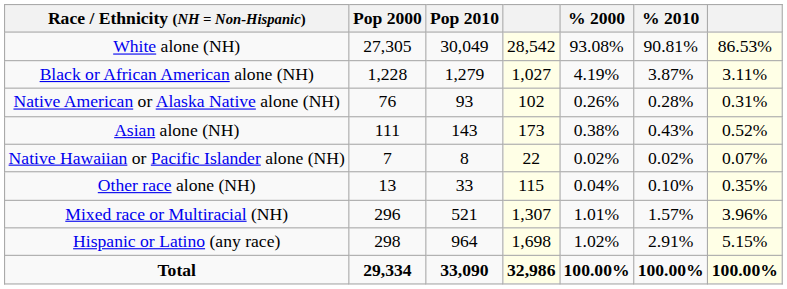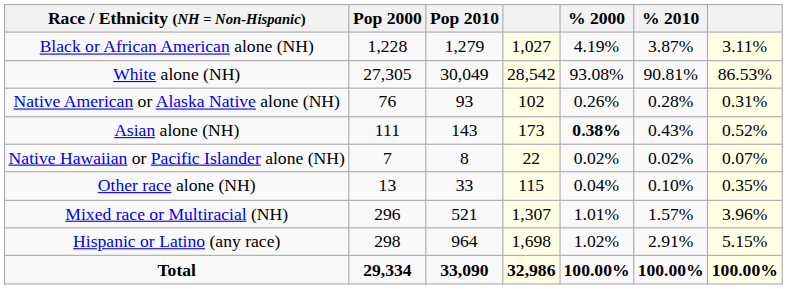 <table class="wikitable" style="text-align:center;">
 <tr>
 <th>Race / Ethnicity <small>(<em>NH = Non-Hispanic</em>)</small></th>
 <th>Pop 2000</th>
 <th>Pop 2010</th>
 <th></th>
 <th>% 2000</th>
 <th>% 2010</th>
 <th></th>
 </tr>
 <tr>
+<td><a href='#'>Black or African American</a> alone (NH)</td>
+<td>1,228</td>
+<td>1,279</td>
+<td style='background: #ffffe6;'>1,027</td>
+<td>4.19%</td>
+<td>3.87%</td>
+<td style='background: #ffffe6;'>3.11%</td>
+</tr>
+<tr>
 <td><a href='#'>White</a> alone (NH)</td>
 <td>27,305</td>
 <td>30,049</td>
 <td style='background: #ffffe6;'>28,542</td>
 <td>93.08%</td>
 <td>90.81%</td>
 <td style='background: #ffffe6;'>86.53%</td>
-</tr>
-<tr>
-<td><a href='#'>Black or African American</a> alone (NH)</td>
-<td>1,228</td>
-<td>1,279</td>
-<td style='background: #ffffe6;'>1,027</td>
-<td>4.19%</td>
-<td>3.87%</td>
-<td style='background: #ffffe6;'>3.11%</td>
 </tr>
 <tr>
 <td><a href='#'>Native American</a> or <a href='#'>Alaska Native</a> alone (NH)</td>
 <td>76</td>
 <td>93</td>
 <td style='background: #ffffe6;'>102</td>
 <td>0.26%</td>
 <td>0.28%</td>
 <td style='background: #ffffe6;'>0.31%</td>
 </tr>
 <tr>
 <td><a href='#'>Asian</a> alone (NH)</td>
 <td>111</td>
 <td>143</td>
 <td style='background: #ffffe6;'>173</td>
-<td>0.38%</td>
+<td><strong>0.38%</strong></td>
 <td>0.43%</td>
 <td style='background: #ffffe6;'>0.52%</td>
 </tr>
 <tr>
 <td><a href='#'>Native Hawaiian</a> or <a href='#'>Pacific Islander</a> alone (NH)</td>
 <td>7</td>
 <td>8</td>
 <td style='background: #ffffe6;'>22</td>
 <td>0.02%</td>
 <td>0.02%</td>
 <td style='background: #ffffe6;'>0.07%</td>
 </tr>
 <tr>
 <td><a href='#'>Other race</a> alone (NH)</td>
 <td>13</td>
 <td>33</td>
 <td style='background: #ffffe6;'>115</td>
 <td>0.04%</td>
 <td>0.10%</td>
 <td style='background: #ffffe6;'>0.35%</td>
 </tr>
 <tr>
 <td><a href='#'>Mixed race or Multiracial</a> (NH)</td>
 <td>296</td>
 <td>521</td>
 <td style='background: #ffffe6;'>1,307</td>
 <td>1.01%</td>
 <td>1.57%</td>
 <td style='background: #ffffe6;'>3.96%</td>
 </tr>
 <tr>
 <td><a href='#'>Hispanic or Latino</a> (any race)</td>
 <td>298</td>
 <td>964</td>
 <td style='background: #ffffe6;'>1,698</td>
 <td>1.02%</td>
 <td>2.91%</td>
 <td style='background: #ffffe6;'>5.15%</td>
 </tr>
 <tr>
 <td><strong>Total</strong></td>
 <td><strong>29,334</strong></td>
 <td><strong>33,090</strong></td>
 <td style='background: #ffffe6;'><strong>32,986</strong></td>
 <td><strong>100.00%</strong></td>
 <td><strong>100.00%</strong></td>
 <td style='background: #ffffe6;'><strong>100.00%</strong></td>
 </tr>
 </table>
